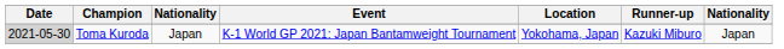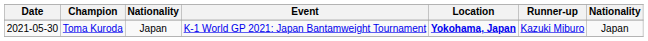 <table class="wikitable" style="text-align:center">
 <tr>
 </tr>
 <tr bgcolor="#dddddd">
 <th>Date</th>
 <th>Champion</th>
 <th>Nationality</th>
 <th>Event</th>
 <th>Location</th>
 <th>Runner-up</th>
 <th>Nationality</th>
 </tr>
 <tr>
 </tr>
 <tr>
-<td style="background: lightgrey;">2021-05-30</td>
+<td>2021-05-30</td>
 <td><a href='#'>Toma Kuroda</a></td>
 <td> Japan</td>
 <td><a href='#'>K-1 World GP 2021: Japan Bantamweight Tournament</a></td>
-<td><a href='#'>Yokohama, Japan</a></td>
+<td><strong><a href='#'>Yokohama, Japan</a></strong></td>
 <td><a href='#'>Kazuki Miburo</a></td>
 <td> Japan</td>
 </tr>
 <tr>
 </tr>
 </table>
